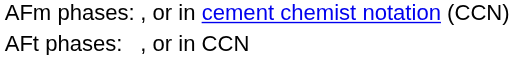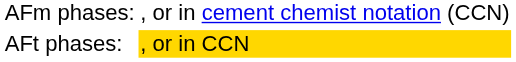 <table>
 <tr>
 <td></td>
 <td>AFm phases:</td>
 <td>, or   in <a href='#'>cement chemist notation</a> (CCN)</td>
 </tr>
 <tr>
 <td></td>
 <td>AFt phases:</td>
-<td>, or  in CCN</td>
+<td style="background: gold;">, or  in CCN</td>
 </tr>
 </table>
